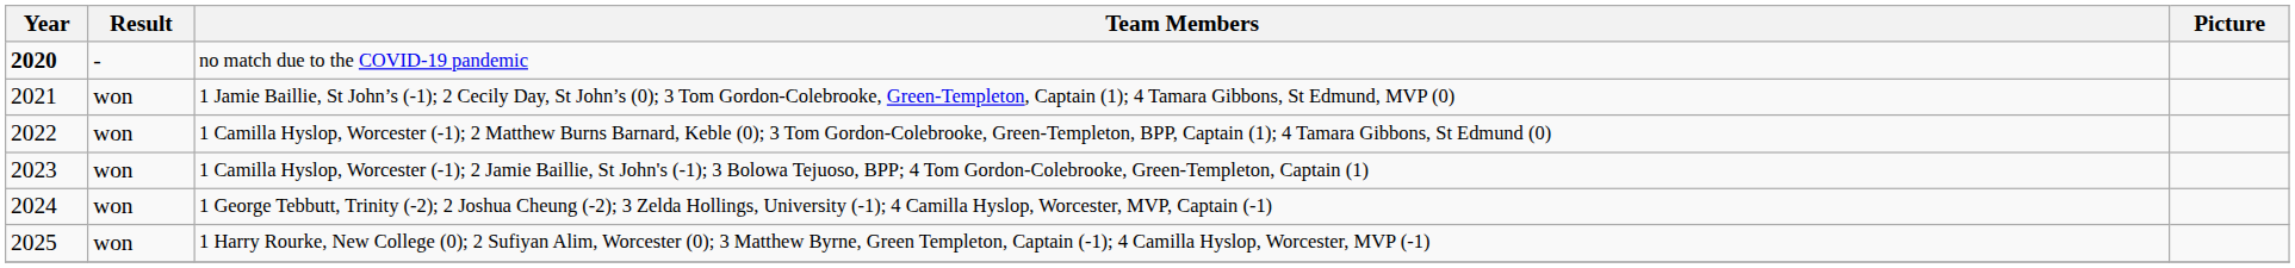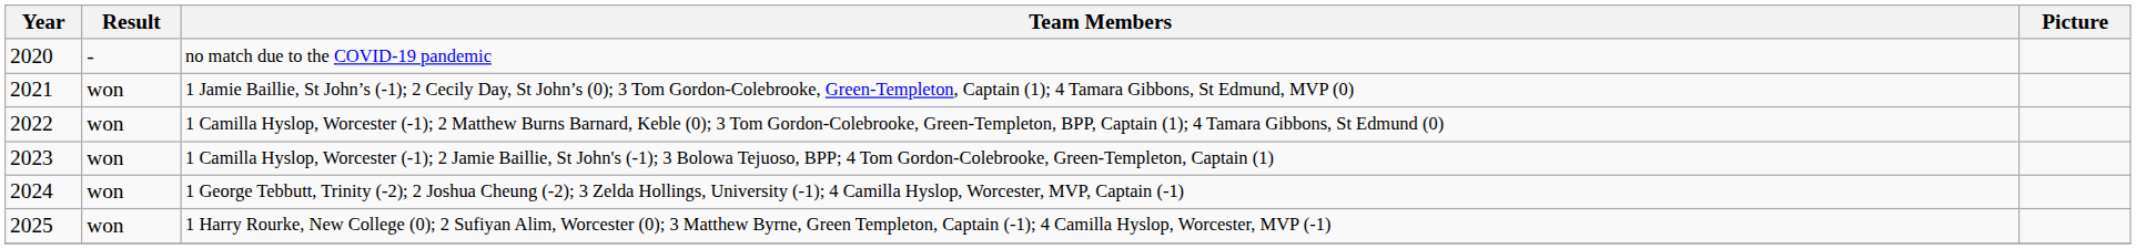 <table class="wikitable" width="100%">
 <tr>
 <th>Year</th>
 <th>Result</th>
 <th>Team Members</th>
 <th>Picture</th>
 </tr>
 <tr>
-<td><strong>2020</strong></td>
+<td>2020</td>
 <td>-</td>
 <td style="font-size:85%">no match due to the <a href='#'>COVID-19 pandemic</a></td>
 <td></td>
 </tr>
 <tr>
 <td>2021</td>
 <td>won</td>
 <td style="font-size:85%">1 Jamie Baillie, St John’s (-1); 2 Cecily Day, St John’s (0); 3 Tom Gordon-Colebrooke, <a href='#'>Green-Templeton</a>, Captain (1); 4 Tamara Gibbons, St Edmund, MVP (0)</td>
 <td></td>
 </tr>
 <tr>
 <td>2022</td>
 <td>won</td>
 <td style="font-size:85%">1 Camilla Hyslop, Worcester (-1); 2 Matthew Burns Barnard, Keble (0); 3 Tom Gordon-Colebrooke, Green-Templeton, BPP, Captain (1); 4 Tamara Gibbons, St Edmund (0)</td>
 <td></td>
 </tr>
 <tr>
 <td>2023</td>
 <td>won</td>
 <td style="font-size:85%">1 Camilla Hyslop, Worcester (-1); 2 Jamie Baillie, St John's (-1); 3 Bolowa Tejuoso, BPP; 4 Tom Gordon-Colebrooke, Green-Templeton, Captain (1)</td>
 <td></td>
 </tr>
 <tr>
 <td>2024</td>
 <td>won</td>
 <td style="font-size:85%">1 George Tebbutt, Trinity (-2); 2 Joshua Cheung (-2); 3 Zelda Hollings, University (-1); 4 Camilla Hyslop, Worcester, MVP, Captain (-1)</td>
 <td></td>
 </tr>
 <tr>
 <td>2025</td>
 <td>won</td>
 <td style="font-size:85%">1 Harry Rourke, New College (0); 2 Sufiyan Alim, Worcester (0); 3 Matthew Byrne, Green Templeton, Captain (-1);  4 Camilla Hyslop, Worcester, MVP (-1)</td>
 <td></td>
 </tr>
 <tr>
 </tr>
 </table>
